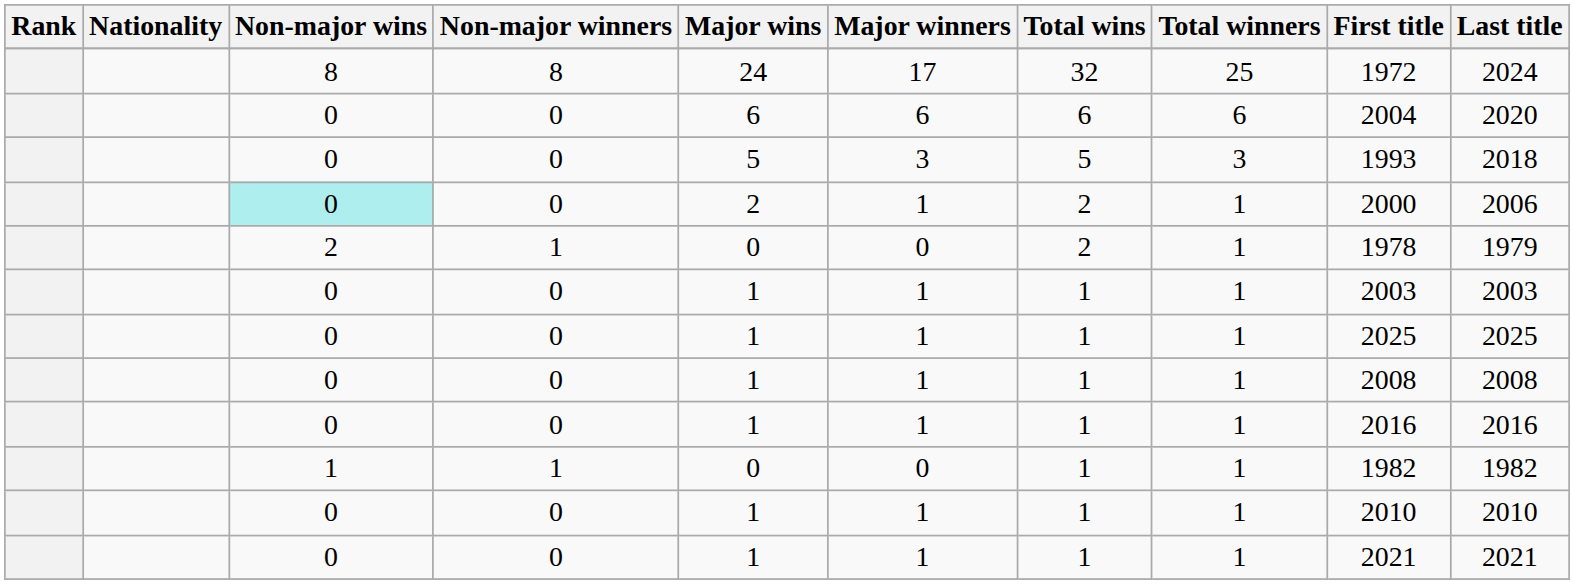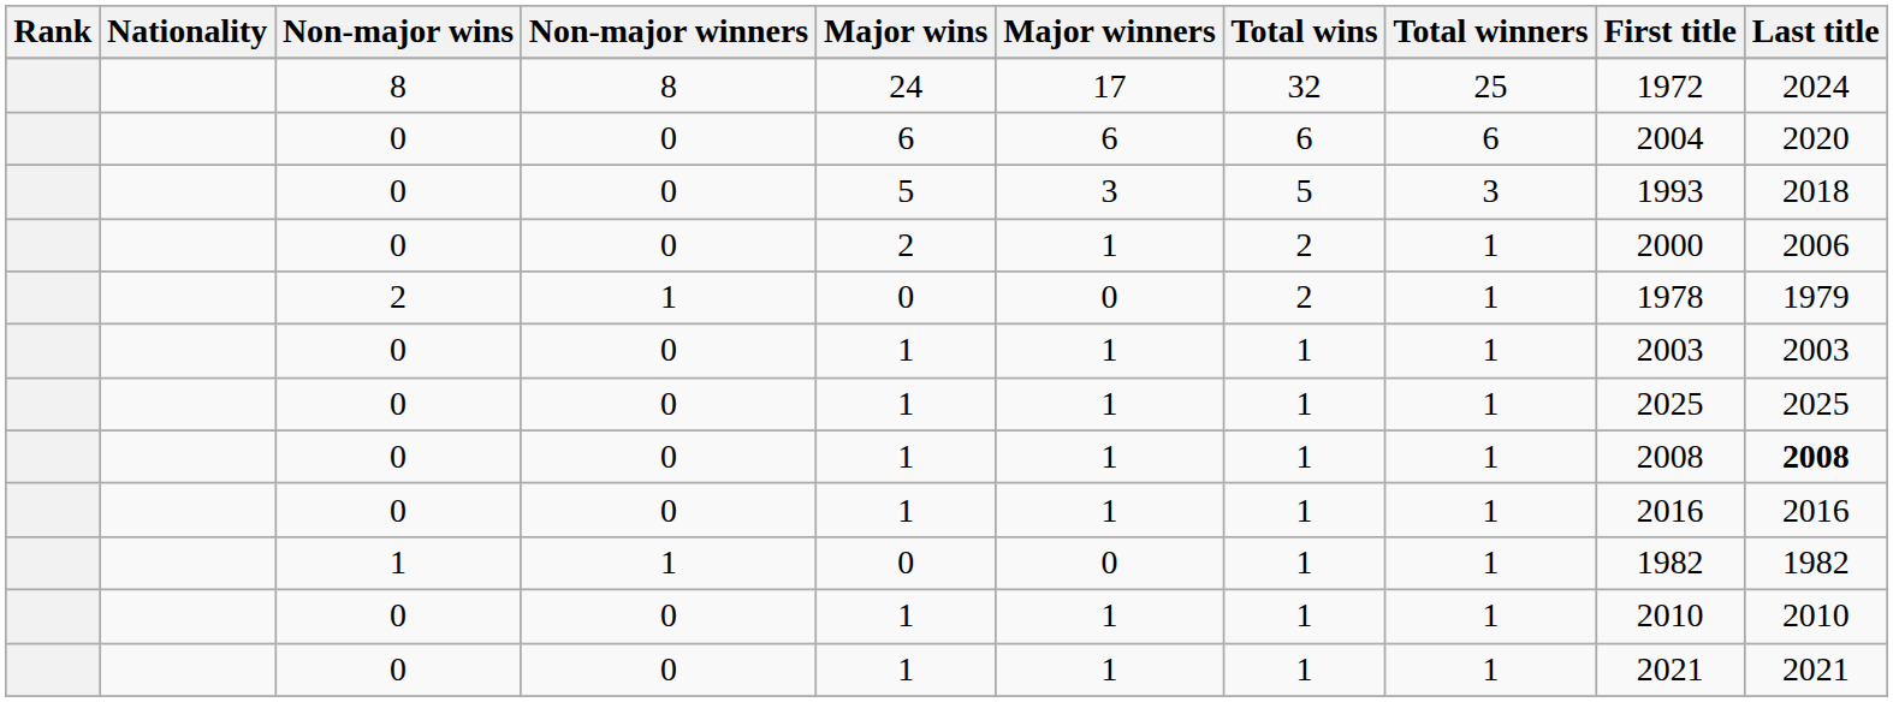 <table class="sortable wikitable" style="text-align:center;">
 <tr>
 <th scope="col">Rank</th>
 <th scope="col">Nationality</th>
 <th scope="col">Non-major wins</th>
 <th scope="col">Non-major winners</th>
 <th scope="col">Major wins</th>
 <th scope="col">Major winners</th>
 <th scope="col">Total wins</th>
 <th scope="col">Total winners</th>
 <th scope="col">First title</th>
 <th scope="col">Last title</th>
 </tr>
 <tr>
 </tr>
 <tr>
 <th scope="row"></th>
 <td align=left></td>
 <td>8</td>
 <td>8</td>
 <td>24</td>
 <td>17</td>
 <td>32</td>
 <td>25</td>
 <td>1972</td>
 <td>2024</td>
 </tr>
 <tr>
 <th scope="row"></th>
 <td align=left></td>
 <td>0</td>
 <td>0</td>
 <td>6</td>
 <td>6</td>
 <td>6</td>
 <td>6</td>
 <td>2004</td>
 <td>2020</td>
 </tr>
 <tr>
 <th scope="row"></th>
 <td align=left></td>
 <td>0</td>
 <td>0</td>
 <td>5</td>
 <td>3</td>
 <td>5</td>
 <td>3</td>
 <td>1993</td>
 <td>2018</td>
 </tr>
 <tr>
 <th scope="row"></th>
 <td align=left></td>
-<td style="background: paleturquoise;">0</td>
+<td>0</td>
 <td>0</td>
 <td>2</td>
 <td>1</td>
 <td>2</td>
 <td>1</td>
 <td>2000</td>
 <td>2006</td>
 </tr>
 <tr>
 <th scope="row"></th>
 <td align=left></td>
 <td>2</td>
 <td>1</td>
 <td>0</td>
 <td>0</td>
 <td>2</td>
 <td>1</td>
 <td>1978</td>
 <td>1979</td>
 </tr>
 <tr>
 <th scope="row"></th>
 <td align=left></td>
 <td>0</td>
 <td>0</td>
 <td>1</td>
 <td>1</td>
 <td>1</td>
 <td>1</td>
 <td>2003</td>
 <td>2003</td>
 </tr>
 <tr>
 <th scope="row"></th>
 <td align=left></td>
 <td>0</td>
 <td>0</td>
 <td>1</td>
 <td>1</td>
 <td>1</td>
 <td>1</td>
 <td>2025</td>
 <td>2025</td>
 </tr>
 <tr>
 <th scope="row"></th>
 <td align=left></td>
 <td>0</td>
 <td>0</td>
 <td>1</td>
 <td>1</td>
 <td>1</td>
 <td>1</td>
 <td>2008</td>
-<td>2008</td>
+<td><strong>2008</strong></td>
 </tr>
 <tr>
 <th scope="row"></th>
 <td align=left></td>
 <td>0</td>
 <td>0</td>
 <td>1</td>
 <td>1</td>
 <td>1</td>
 <td>1</td>
 <td>2016</td>
 <td>2016</td>
 </tr>
 <tr>
 <th scope="row"></th>
 <td align=left></td>
 <td>1</td>
 <td>1</td>
 <td>0</td>
 <td>0</td>
 <td>1</td>
 <td>1</td>
 <td>1982</td>
 <td>1982</td>
 </tr>
 <tr>
 <th scope="row"></th>
 <td align=left></td>
 <td>0</td>
 <td>0</td>
 <td>1</td>
 <td>1</td>
 <td>1</td>
 <td>1</td>
 <td>2010</td>
 <td>2010</td>
 </tr>
 <tr>
 <th scope="row"></th>
 <td align=left></td>
 <td>0</td>
 <td>0</td>
 <td>1</td>
 <td>1</td>
 <td>1</td>
 <td>1</td>
 <td>2021</td>
 <td>2021</td>
 </tr>
 </table>
